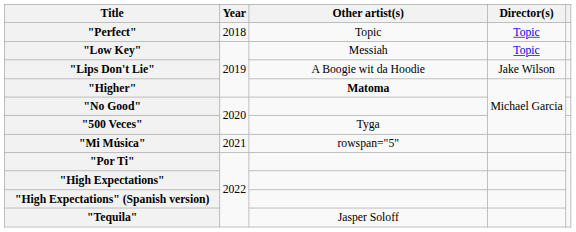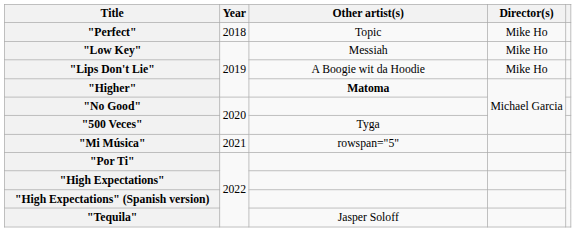 <table class="wikitable sortable plainrowheaders" style="text-align:center;">
 <tr>
 <th scope="col" style="width:18em;">Title</th>
 <th scope="col">Year</th>
 <th scope="col" style="width:20em;">Other artist(s)</th>
 <th scope="col">Director(s)</th>
 <th scope="col"></th>
 </tr>
 <tr>
 <th scope="row">"Perfect"</th>
 <td>2018</td>
 <td>Topic</td>
-<td><a href='#'>Topic</a></td>
+<td>Mike Ho</td>
 <td></td>
 </tr>
 <tr>
 <th scope="row">"Low Key"</th>
 <td rowspan="3">2019</td>
 <td>Messiah</td>
-<td><a href='#'>Topic</a></td>
+<td>Mike Ho</td>
 <td></td>
 </tr>
 <tr>
 <th scope="row">"Lips Don't Lie"</th>
 <td>A Boogie wit da Hoodie</td>
-<td>Jake Wilson</td>
+<td>Mike Ho</td>
 <td></td>
 </tr>
 <tr>
 <th scope="row">"Higher"</th>
 <td><strong>Matoma</strong></td>
 <td rowspan="3">Michael Garcia</td>
 <td></td>
 </tr>
 <tr>
 <th scope="row">"No Good"</th>
 <td rowspan="2">2020</td>
 <td></td>
 <td></td>
 </tr>
 <tr>
 <th scope="row">"500 Veces"</th>
 <td>Tyga</td>
 <td></td>
 </tr>
 <tr>
 <th scope="row">"Mi Música"</th>
 <td>2021</td>
 <td>rowspan="5" </td>
 <td></td>
 <td></td>
 </tr>
 <tr>
 <th scope="row">"Por Ti"</th>
 <td rowspan="4">2022</td>
 <td></td>
 <td></td>
 </tr>
 <tr>
 <th scope="row">"High Expectations"</th>
 <td></td>
 <td></td>
 </tr>
 <tr>
 <th scope="row">"High Expectations" (Spanish version)</th>
 <td></td>
 <td></td>
 </tr>
 <tr>
 <th scope="row">"Tequila"</th>
 <td>Jasper Soloff</td>
 <td></td>
 </tr>
 </table>
